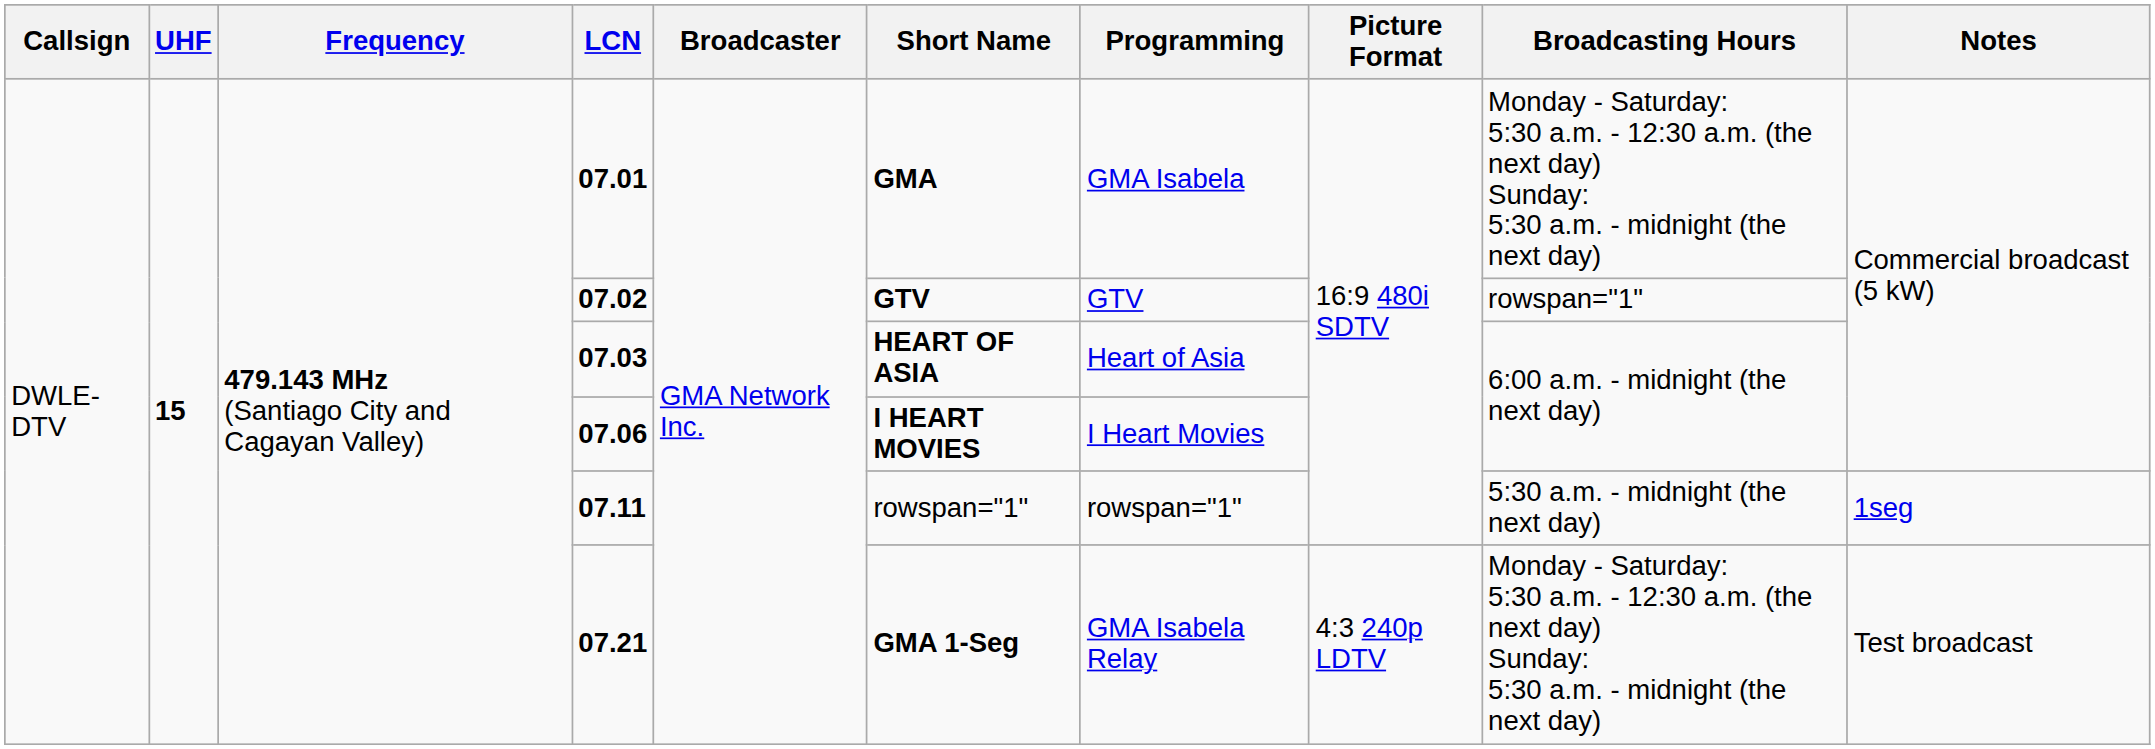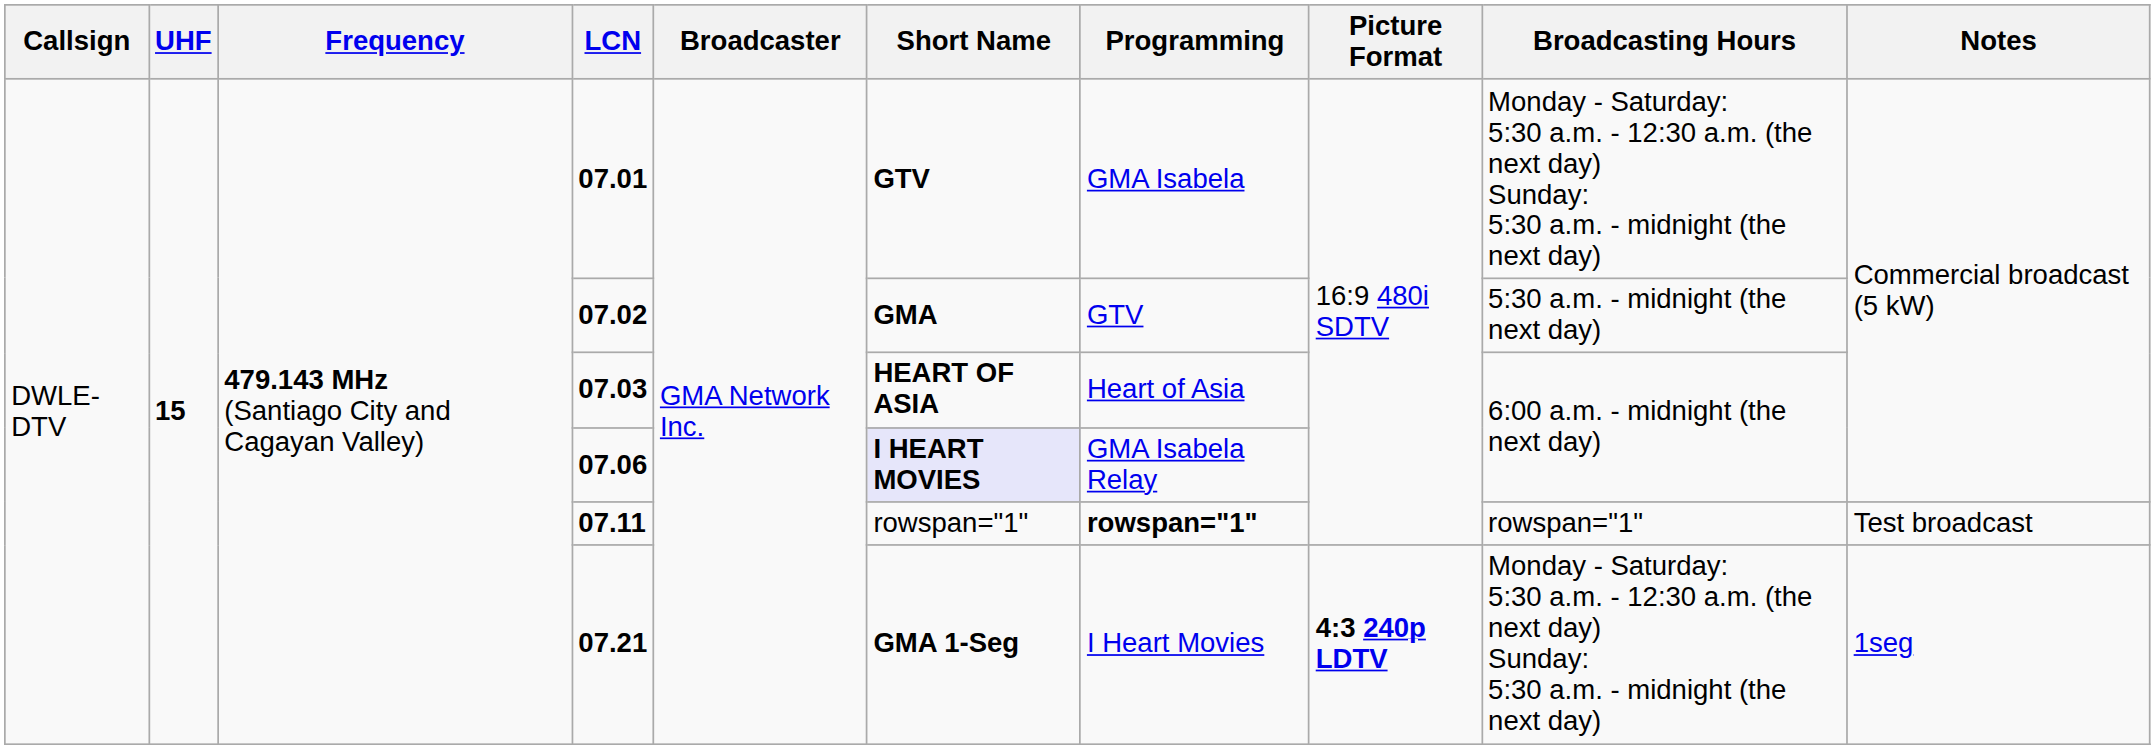 <table class="wikitable sortable">
 <tr>
 <th>Callsign</th>
 <th><a href='#'>UHF</a></th>
 <th><a href='#'>Frequency</a></th>
 <th><a href='#'>LCN</a></th>
 <th>Broadcaster</th>
 <th>Short Name</th>
 <th>Programming</th>
 <th>Picture Format</th>
 <th>Broadcasting Hours</th>
 <th>Notes</th>
 </tr>
 <tr>
 <td rowspan="6">DWLE-DTV</td>
 <td rowspan="6"><strong>15</strong></td>
 <td rowspan="6"><strong>479.143 MHz</strong><br>(Santiago City and Cagayan Valley)</td>
 <td><strong>07.01</strong></td>
 <td rowspan="6"><a href='#'>GMA Network Inc.</a></td>
-<td><strong>GMA</strong></td>
+<td><strong>GTV</strong></td>
 <td><a href='#'>GMA Isabela</a></td>
 <td rowspan="5">16:9 <a href='#'>480i</a> <a href='#'>SDTV</a></td>
 <td>Monday - Saturday: <br> 5:30 a.m. - 12:30 a.m. (the next day) <br> Sunday: <br> 5:30 a.m. - midnight (the next day)</td>
 <td rowspan="4">Commercial broadcast (5 kW)</td>
 </tr>
 <tr>
 <td><strong>07.02</strong></td>
-<td><strong>GTV</strong></td>
+<td><strong>GMA</strong></td>
 <td><a href='#'>GTV</a></td>
-<td>rowspan="1" </td>
+<td rowspan="1">5:30 a.m. - midnight (the next day)</td>
 </tr>
 <tr>
 <td><strong>07.03</strong></td>
 <td><strong>HEART OF ASIA</strong></td>
 <td><a href='#'>Heart of Asia</a></td>
 <td rowspan="2">6:00 a.m. - midnight (the next day)</td>
 </tr>
 <tr>
 <td><strong>07.06</strong></td>
-<td><strong>I HEART MOVIES</strong></td>
-<td><a href='#'>I Heart Movies</a></td>
+<td style="background: lavender;"><strong>I HEART MOVIES</strong></td>
+<td><a href='#'>GMA Isabela Relay</a></td>
 </tr>
 <tr>
 <td><strong>07.11</strong></td>
 <td>rowspan="1" </td>
+<td><strong>rowspan="1" </strong></td>
 <td>rowspan="1" </td>
-<td rowspan="1">5:30 a.m. - midnight (the next day)</td>
-<td><a href='#'>1seg</a></td>
+<td rowspan="1">Test broadcast</td>
 </tr>
 <tr>
 <td><strong>07.21</strong></td>
 <td><strong>GMA 1-Seg</strong></td>
-<td><a href='#'>GMA Isabela Relay</a></td>
-<td>4:3 <a href='#'>240p</a> <a href='#'>LDTV</a></td>
+<td><a href='#'>I Heart Movies</a></td>
+<td><strong>4:3 <a href='#'>240p</a> <a href='#'>LDTV</a></strong></td>
 <td>Monday - Saturday: <br> 5:30 a.m. - 12:30 a.m. (the next day) <br> Sunday: <br> 5:30 a.m. - midnight (the next day)</td>
-<td rowspan="1">Test broadcast</td>
+<td><a href='#'>1seg</a></td>
 </tr>
 <tr>
 </tr>
 </table>
